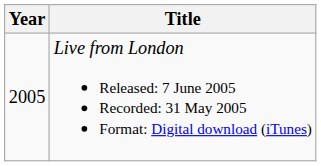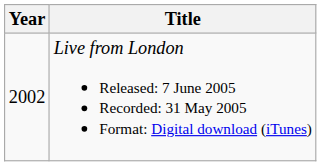 <table class="wikitable">
 <tr>
 <th>Year</th>
 <th>Title</th>
 </tr>
 <tr>
-<td>2005</td>
+<td>2002</td>
 <td><em>Live from London</em><br><ul><li><small>Released: 7 June 2005</small></li><li><small>Recorded: 31 May 2005</small></li><li><small>Format: <a href='#'>Digital download</a> (<a href='#'>iTunes</a>)</small></li></ul></td>
 </tr>
 </table>
